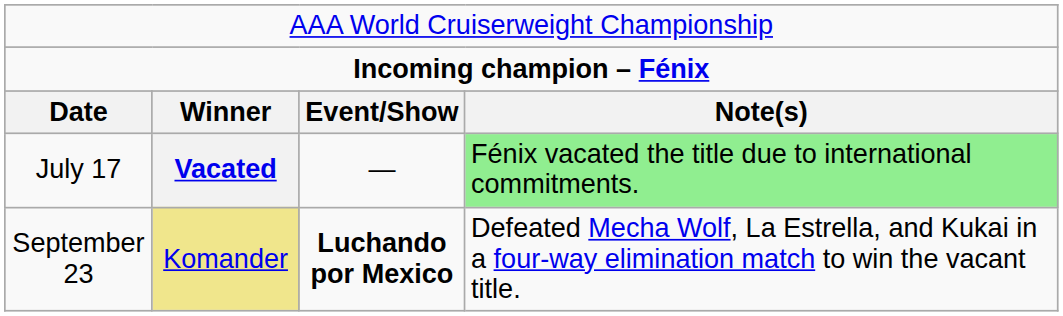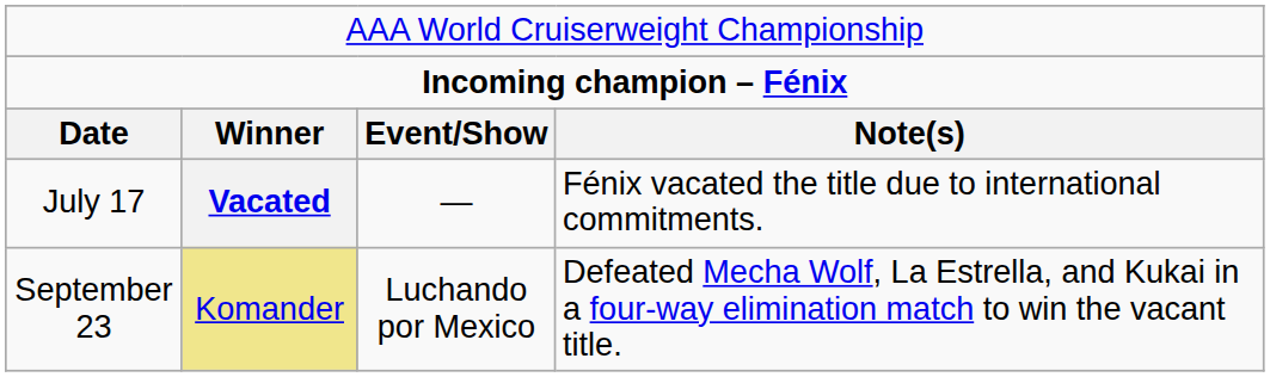 <table class="wikitable" style="text-align:center; width:100%;">
 <tr>
 <td colspan="5" style="text-align: center;"><a href='#'>AAA World Cruiserweight Championship</a></td>
 </tr>
 <tr>
 <td colspan="5" style="text-align: center;"><strong>Incoming champion – <a href='#'>Fénix</a></strong></td>
 </tr>
 <tr>
 <th width=14%>Date</th>
 <th width=14%>Winner</th>
 <th width=14%>Event/Show</th>
 <th width=58%>Note(s)</th>
 </tr>
 <tr>
 <td>July 17</td>
 <th><a href='#'>Vacated</a></th>
 <td>—</td>
-<td align=left style="background: lightgreen;">Fénix vacated the title due to international commitments.</td>
+<td align=left>Fénix vacated the title due to international commitments.</td>
 </tr>
 <tr>
 <td>September 23</td>
 <td style="background: khaki;"><a href='#'>Komander</a></td>
-<td><strong>Luchando por Mexico</strong></td>
+<td>Luchando por Mexico</td>
 <td align=left>Defeated <a href='#'>Mecha Wolf</a>, La Estrella, and Kukai in a <a href='#'>four-way elimination match</a> to win the vacant title.</td>
 </tr>
 </table>
